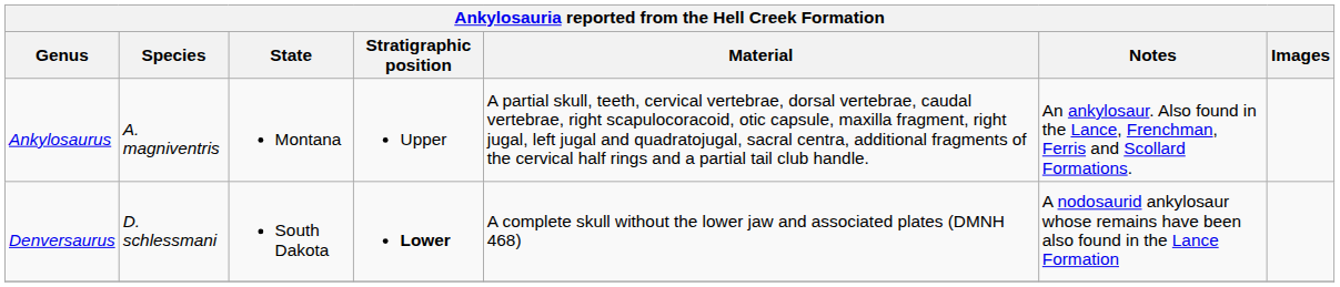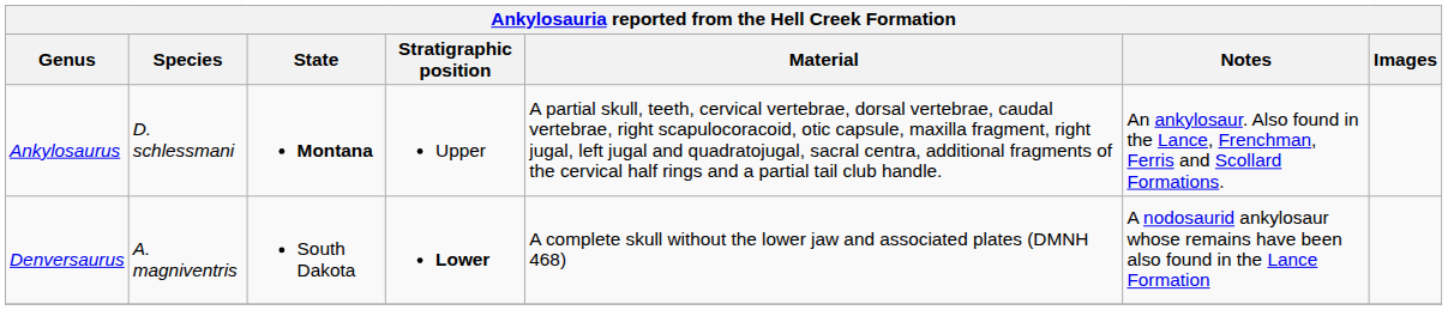 <table class="wikitable sortable mw-collapsible">
 <tr>
 <th colspan="7" style="text-align:center;"><strong><a href='#'>Ankylosauria</a> reported from the Hell Creek Formation</strong></th>
 </tr>
 <tr>
 <th>Genus</th>
 <th>Species</th>
 <th>State</th>
 <th>Stratigraphic position</th>
 <th>Material</th>
 <th>Notes</th>
 <th>Images</th>
 </tr>
 <tr>
 <td><br><em><a href='#'>Ankylosaurus</a></em></td>
-<td><br><em>A. magniventris</em></td>
-<td><br><ul><li>Montana</li></ul></td>
+<td><em>D. schlessmani</em></td>
+<td><strong><br><ul><li>Montana</li></ul></strong></td>
 <td><br><ul><li>Upper</li></ul></td>
 <td>A partial skull, teeth, cervical vertebrae, dorsal vertebrae, caudal vertebrae, right scapulocoracoid, otic capsule, maxilla fragment, right jugal, left jugal and quadratojugal, sacral centra, additional fragments of the cervical half rings and a partial tail club handle.</td>
 <td><br>An <a href='#'>ankylosaur</a>. Also found in the <a href='#'>Lance</a>, <a href='#'>Frenchman</a>, <a href='#'>Ferris</a> and <a href='#'>Scollard Formations</a>.</td>
 <td><br></td>
 </tr>
 <tr>
 <td><br><em><a href='#'>Denversaurus</a></em></td>
-<td><em>D. schlessmani</em></td>
+<td><br><em>A. magniventris</em></td>
 <td><br><ul><li>South Dakota</li></ul></td>
 <td><strong><br><ul><li>Lower</li></ul></strong></td>
 <td>A complete skull without the lower jaw and associated plates (DMNH 468)</td>
 <td>A <a href='#'>nodosaurid</a> ankylosaur whose remains have been also found in the <a href='#'>Lance Formation</a></td>
 <td></td>
 </tr>
 <tr>
 </tr>
 </table>
